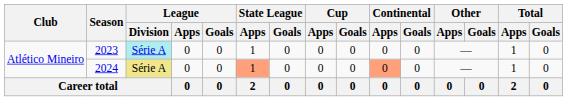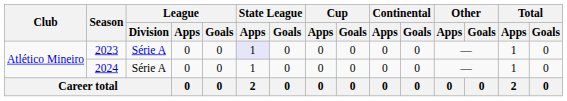 <table class="wikitable" style="text-align:center">
 <tr>
 <th rowspan="2">Club</th>
 <th rowspan="2">Season</th>
 <th colspan="3">League</th>
 <th colspan="2">State League</th>
 <th colspan="2">Cup</th>
 <th colspan="2">Continental</th>
 <th colspan="2">Other</th>
 <th colspan="2">Total</th>
 </tr>
 <tr>
 <th>Division</th>
 <th>Apps</th>
 <th>Goals</th>
 <th>Apps</th>
 <th>Goals</th>
 <th>Apps</th>
 <th>Goals</th>
 <th>Apps</th>
 <th>Goals</th>
 <th>Apps</th>
 <th>Goals</th>
 <th>Apps</th>
 <th>Goals</th>
 </tr>
 <tr>
 <td rowspan=2><a href='#'>Atlético Mineiro</a></td>
 <td><a href='#'>2023</a></td>
-<td style="background: paleturquoise;"><a href='#'>Série A</a></td>
+<td><a href='#'>Série A</a></td>
 <td>0</td>
 <td>0</td>
-<td>1</td>
+<td style="background: lavender;">1</td>
 <td>0</td>
 <td>0</td>
 <td>0</td>
 <td>0</td>
 <td>0</td>
 <td colspan=2>—</td>
 <td>1</td>
 <td>0</td>
 </tr>
 <tr>
 <td><a href='#'>2024</a></td>
-<td style="background: khaki;">Série A</td>
+<td>Série A</td>
 <td>0</td>
 <td>0</td>
-<td style="background: lightsalmon;">1</td>
+<td>1</td>
 <td>0</td>
 <td>0</td>
 <td>0</td>
-<td style="background: lightsalmon;">0</td>
+<td>0</td>
 <td>0</td>
 <td colspan=2>—</td>
 <td>1</td>
 <td>0</td>
 </tr>
 <tr>
 <th colspan=3><strong>Career total</strong></th>
 <th>0</th>
 <th>0</th>
 <th>2</th>
 <th>0</th>
 <th>0</th>
 <th>0</th>
 <th>0</th>
 <th>0</th>
 <th>0</th>
 <th>0</th>
 <th>2</th>
 <th>0</th>
 </tr>
 </table>
